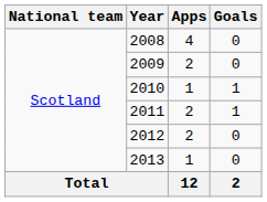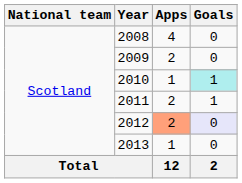 <table class="wikitable" style="text-align:center">
 <tr>
 <th>National team</th>
 <th>Year</th>
 <th>Apps</th>
 <th>Goals</th>
 </tr>
 <tr>
 <td rowspan="6"><a href='#'>Scotland</a></td>
 <td>2008</td>
 <td>4</td>
 <td>0</td>
 </tr>
 <tr>
 <td>2009</td>
 <td>2</td>
 <td>0</td>
 </tr>
 <tr>
 <td>2010</td>
 <td>1</td>
-<td>1</td>
+<td style="background: paleturquoise;">1</td>
 </tr>
 <tr>
 <td>2011</td>
 <td>2</td>
 <td>1</td>
 </tr>
 <tr>
 <td>2012</td>
-<td>2</td>
-<td>0</td>
+<td style="background: lightsalmon;">2</td>
+<td style="background: lavender;">0</td>
 </tr>
 <tr>
 <td>2013</td>
 <td>1</td>
 <td>0</td>
 </tr>
 <tr>
 <th colspan="2">Total</th>
 <th>12</th>
 <th>2</th>
 </tr>
 </table>
